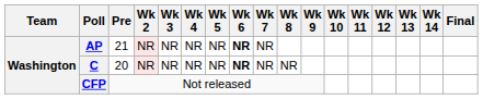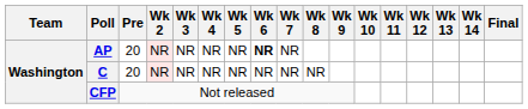 <table class="wikitable" style="white-space:nowrap;font-size:85%;">
 <tr>
 <th>Team</th>
 <th>Poll</th>
 <th>Pre</th>
 <th>Wk<br>2</th>
 <th>Wk<br>3</th>
 <th>Wk<br>4</th>
 <th>Wk<br>5</th>
 <th>Wk<br>6</th>
 <th>Wk<br>7</th>
 <th>Wk<br>8</th>
 <th>Wk<br>9</th>
 <th>Wk<br>10</th>
 <th>Wk<br>11</th>
 <th>Wk<br>12</th>
 <th>Wk<br>13</th>
 <th>Wk<br>14</th>
 <th>Final</th>
 </tr>
 <tr style="text-align:center;">
 <th rowspan="3">Washington</th>
 <th><a href='#'>AP</a></th>
-<td style="background:#FFF;">21</td>
+<td style="background:#FFF;">20</td>
 <td style="background:#FFE6E6;">NR</td>
 <td style="background:#FFF;">NR</td>
 <td style="background:#FFF;">NR</td>
 <td style="background:#FFF;">NR</td>
 <td style="background:#FFF;"><strong>NR</strong></td>
 <td style="background:#FFF;">NR</td>
 <td style="background:#FFF;"></td>
 <td style="background:#FFF;"></td>
 <td style="background:#FFF;"></td>
 <td style="background:#FFF;"></td>
 <td style="background:#FFF;"></td>
 <td style="background:#FFF;"></td>
 <td style="background:#FFF;"></td>
 <td style="background:#FFF;"></td>
 </tr>
 <tr style="text-align:center;">
 <th><a href='#'>C</a></th>
 <td style="background:#FFF;">20</td>
 <td style="background:#FFE6E6;">NR</td>
 <td style="background:#FFF;">NR</td>
 <td style="background:#FFF;">NR</td>
 <td style="background:#FFF;">NR</td>
-<td style="background:#FFF;"><strong>NR</strong></td>
+<td style="background:#FFF;">NR</td>
 <td style="background:#FFF;">NR</td>
 <td style="background:#FFF;">NR</td>
 <td style="background:#FFF;"></td>
 <td style="background:#FFF;"></td>
 <td style="background:#FFF;"></td>
 <td style="background:#FFF;"></td>
 <td style="background:#FFF;"></td>
 <td style="background:#FFF;"></td>
 <td style="background:#FFF;"></td>
 </tr>
 <tr style="text-align:center;">
 <th><a href='#'>CFP</a></th>
 <td colspan="9" style="text-align:center;">Not released</td>
 <td style="background:#FFF;"></td>
 <td style="background:#FFF;"></td>
 <td style="background:#FFF;"></td>
 <td style="background:#FFF;"></td>
 <td style="background:#FFF;"></td>
 <td style="background:#FFF;"></td>
 </tr>
 </table>
